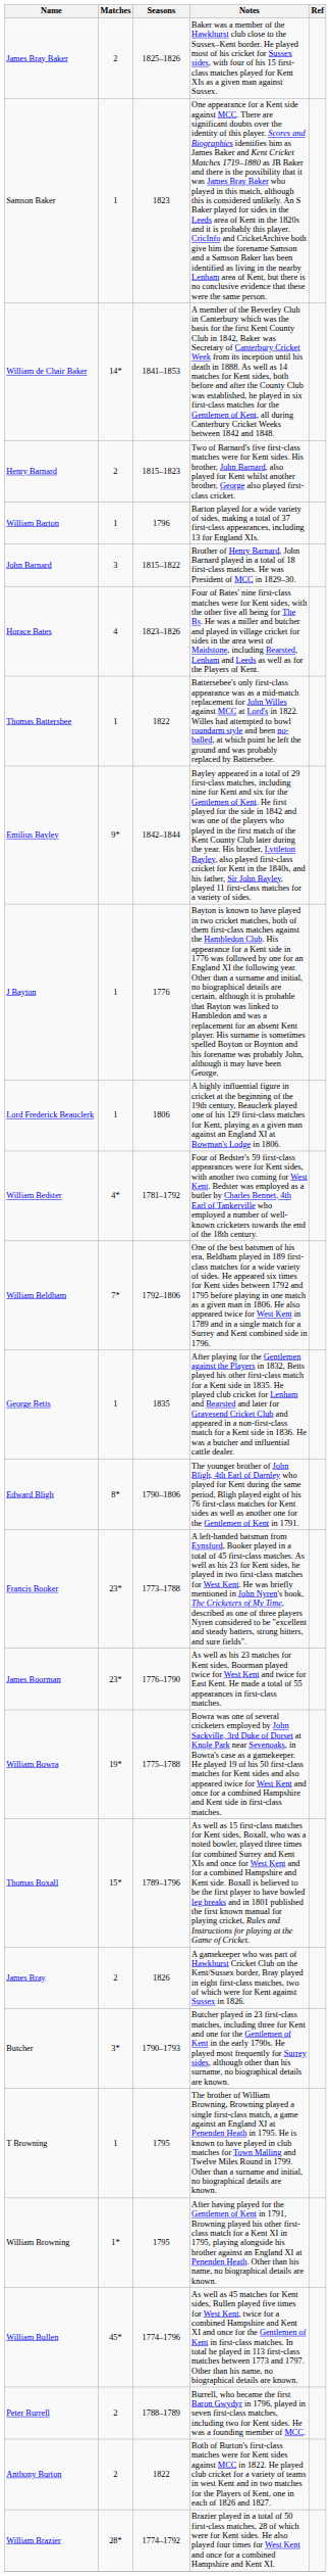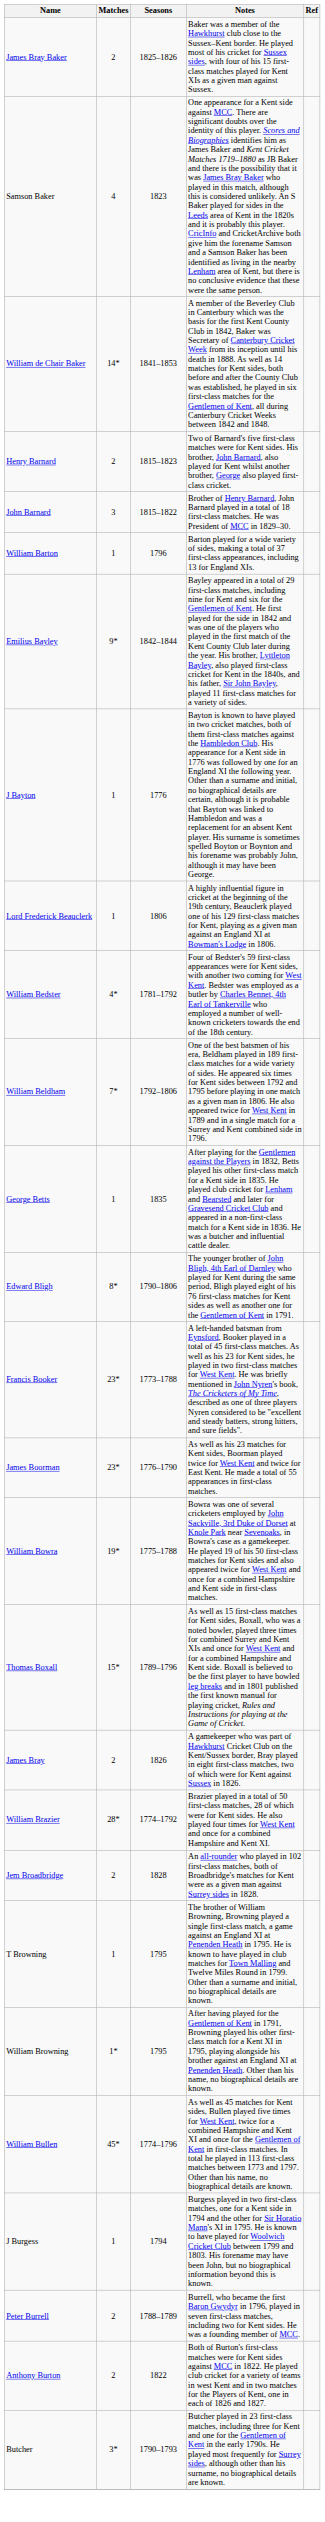 <table class="wikitable">
 <tr>
 <th style="width:170px">Name</th>
 <th>Matches</th>
 <th style="width: 100px">Seasons</th>
 <th>Notes</th>
 <th>Ref</th>
 </tr>
 <tr>
 <td><a href='#'>James Bray Baker</a></td>
 <td align=center>2</td>
 <td align=center>1825–1826</td>
 <td>Baker was a member of the <a href='#'>Hawkhurst</a> club close to the Sussex–Kent border. He played most of his cricket for <a href='#'>Sussex sides</a>, with four of his 15 first-class matches played for Kent XIs as a given man against Sussex.</td>
 <td></td>
 </tr>
 <tr>
 <td>Samson Baker</td>
-<td align=center>1</td>
+<td align=center>4</td>
 <td align=center>1823</td>
 <td>One appearance for a Kent side against <a href='#'>MCC</a>. There are significant doubts over the identity of this player. <em><a href='#'>Scores and Biographies</a></em> identifies him as James Baker and <em>Kent Cricket Matches 1719–1880</em> as JB Baker and there is the possibility that it was <a href='#'>James Bray Baker</a> who played in this match, although this is considered unlikely. An S Baker played for sides in the <a href='#'>Leeds</a> area of Kent in the 1820s and it is probably this player. <a href='#'>CricInfo</a> and CricketArchive both give him the forename Samson and a Samson Baker has been identified as living in the nearby <a href='#'>Lenham</a> area of Kent, but there is no conclusive evidence that these were the same person.</td>
 <td></td>
 </tr>
 <tr>
 <td><a href='#'>William de Chair Baker</a></td>
 <td align=center>14*</td>
 <td align=center>1841–1853</td>
 <td>A member of the Beverley Club in Canterbury which was the basis for the first Kent County Club in 1842, Baker was Secretary of <a href='#'>Canterbury Cricket Week</a> from its inception until his death in 1888. As well as 14 matches for Kent sides, both before and after the County Club was established, he played in six first-class matches for the <a href='#'>Gentlemen of Kent</a>, all during Canterbury Cricket Weeks between 1842 and 1848.</td>
 <td></td>
 </tr>
 <tr>
 <td><a href='#'>Henry Barnard</a></td>
 <td align=center>2</td>
 <td align=center>1815–1823</td>
 <td>Two of Barnard's five first-class matches were for Kent sides. His brother, <a href='#'>John Barnard</a>, also played for Kent whilst another brother, <a href='#'>George</a> also played first-class cricket.</td>
 <td></td>
 </tr>
 <tr>
-<td><a href='#'>William Barton</a></td>
-<td align=center>1</td>
-<td align=center>1796</td>
-<td>Barton played for a wide variety of sides, making a total of 37 first-class appearances, including 13 for England XIs.</td>
-<td></td>
-</tr>
-<tr>
 <td><a href='#'>John Barnard</a></td>
 <td align=center>3</td>
 <td align=center>1815–1822</td>
 <td>Brother of <a href='#'>Henry Barnard</a>, John Barnard played in a total of 18 first-class matches. He was President of <a href='#'>MCC</a> in 1829–30.</td>
 <td></td>
 </tr>
 <tr>
-<td><a href='#'>Horace Bates</a></td>
-<td align=center>4</td>
-<td align=center>1823–1826</td>
-<td>Four of Bates' nine first-class matches were for Kent sides, with the other five all being for <a href='#'>The Bs</a>. He was a miller and butcher and played in village cricket for sides in the area west of <a href='#'>Maidstone</a>, including <a href='#'>Bearsted</a>, <a href='#'>Lenham</a> and <a href='#'>Leeds</a> as well as for the Players of Kent.</td>
-<td></td>
-</tr>
-<tr>
-<td><a href='#'>Thomas Battersbee</a></td>
+<td><a href='#'>William Barton</a></td>
 <td align=center>1</td>
-<td align=center>1822</td>
-<td>Battersebee's only first-class appearance was as a mid-match replacement for <a href='#'>John Willes</a> against <a href='#'>MCC</a> at <a href='#'>Lord's</a> in 1822. Willes had attempted to bowl <a href='#'>roundarm style</a> and been <a href='#'>no-balled</a>, at which point he left the ground and was probably replaced by Battersebee.</td>
+<td align=center>1796</td>
+<td>Barton played for a wide variety of sides, making a total of 37 first-class appearances, including 13 for England XIs.</td>
 <td></td>
 </tr>
 <tr>
 <td><a href='#'>Emilius Bayley</a></td>
 <td align=center>9*</td>
 <td align=center>1842–1844</td>
 <td>Bayley appeared in a total of 29 first-class matches, including nine for Kent and six for the <a href='#'>Gentlemen of Kent</a>. He first played for the side in 1842 and was one of the players who played in the first match of the Kent County Club later during the year. His brother, <a href='#'>Lyttleton Bayley</a>, also played first-class cricket for Kent in the 1840s, and his father, <a href='#'>Sir John Bayley</a>, played 11 first-class matches for a variety of sides.</td>
 <td></td>
 </tr>
 <tr>
 <td><a href='#'>J Bayton</a></td>
 <td align=center>1</td>
 <td align=center>1776</td>
 <td>Bayton is known to have played in two cricket matches, both of them first-class matches against the <a href='#'>Hambledon Club</a>. His appearance for a Kent side in 1776 was followed by one for an England XI the following year. Other than a surname and initial, no biographical details are certain, although it is probable that Bayton was linked to Hambledon and was a replacement for an absent Kent player. His surname is sometimes spelled Boyton or Boynton and his forename was probably John, although it may have been George.</td>
 <td></td>
 </tr>
 <tr>
 <td><a href='#'>Lord Frederick Beauclerk</a></td>
 <td align=center>1</td>
 <td align=center>1806</td>
 <td>A highly influential figure in cricket at the beginning of the 19th century, Beauclerk played one of his 129 first-class matches for Kent, playing as a given man against an England XI at <a href='#'>Bowman's Lodge</a> in 1806.</td>
 <td></td>
 </tr>
 <tr>
 <td><a href='#'>William Bedster</a></td>
 <td align=center>4*</td>
 <td align=center>1781–1792</td>
 <td>Four of Bedster's 59 first-class appearances were for Kent sides, with another two coming for <a href='#'>West Kent</a>. Bedster was employed as a butler by <a href='#'>Charles Bennet, 4th Earl of Tankerville</a> who employed a number of well-known cricketers towards the end of the 18th century.</td>
 <td></td>
 </tr>
 <tr>
 <td><a href='#'>William Beldham</a></td>
 <td align=center>7*</td>
 <td align=center>1792–1806</td>
 <td>One of the best batsmen of his era, Beldham played in 189 first-class matches for a wide variety of sides. He appeared six times for Kent sides between 1792 and 1795 before playing in one match as a given man in 1806. He also appeared twice for <a href='#'>West Kent</a> in 1789 and in a single match for a Surrey and Kent combined side in 1796.</td>
 <td></td>
 </tr>
 <tr>
 <td><a href='#'>George Betts</a></td>
 <td align=center>1</td>
 <td align=center>1835</td>
 <td>After playing for the <a href='#'>Gentlemen against the Players</a> in 1832, Betts played his other first-class match for a Kent side in 1835. He played club cricket for <a href='#'>Lenham</a> and <a href='#'>Bearsted</a> and later for <a href='#'>Gravesend Cricket Club</a> and appeared in a non-first-class match for a Kent side in 1836. He was a butcher and influential cattle dealer.</td>
 <td></td>
 </tr>
 <tr>
 <td><a href='#'>Edward Bligh</a></td>
 <td align=center>8*</td>
 <td align=center>1790–1806</td>
 <td>The younger brother of <a href='#'>John Bligh, 4th Earl of Darnley</a> who played for Kent during the same period, Bligh played eight of his 76 first-class matches for Kent sides as well as another one for the <a href='#'>Gentlemen of Kent</a> in 1791.</td>
 <td></td>
 </tr>
 <tr>
 <td><a href='#'>Francis Booker</a></td>
 <td align=center>23*</td>
 <td align=center>1773–1788</td>
 <td>A left-handed batsman from <a href='#'>Eynsford</a>, Booker played in a total of 45 first-class matches. As well as his 23 for Kent sides, he played in two first-class matches for <a href='#'>West Kent</a>. He was briefly mentioned in <a href='#'>John Nyren</a>'s book, <em><a href='#'>The Cricketers of My Time</a></em>, described as one of three players Nyren considered to be "excellent and steady batters, strong hitters, and sure fields".</td>
 <td></td>
 </tr>
 <tr>
 <td><a href='#'>James Boorman</a></td>
 <td align=center>23*</td>
 <td align=center>1776–1790</td>
 <td>As well as his 23 matches for Kent sides, Boorman played twice for <a href='#'>West Kent</a> and twice for East Kent. He made a total of 55 appearances in first-class matches.</td>
 <td></td>
 </tr>
 <tr>
 <td><a href='#'>William Bowra</a></td>
 <td align=center>19*</td>
 <td align=center>1775–1788</td>
 <td>Bowra was one of several cricketers employed by <a href='#'>John Sackville, 3rd Duke of Dorset</a> at <a href='#'>Knole Park</a> near <a href='#'>Sevenoaks</a>, in Bowra's case as a gamekeeper. He played 19 of his 50 first-class matches for Kent sides and also appeared twice for <a href='#'>West Kent</a> and once for a combined Hampshire and Kent side in first-class matches.</td>
 <td></td>
 </tr>
 <tr>
 <td><a href='#'>Thomas Boxall</a></td>
 <td align=center>15*</td>
 <td align=center>1789–1796</td>
 <td>As well as 15 first-class matches for Kent sides, Boxall, who was a noted bowler, played three times for combined Surrey and Kent XIs and once for <a href='#'>West Kent</a> and for a combined Hampshire and Kent side. Boxall is believed to be the first player to have bowled <a href='#'>leg breaks</a> and in 1801 published the first known manual for playing cricket, <em>Rules and Instructions for playing at the Game of Cricket</em>.</td>
 <td></td>
 </tr>
 <tr>
 <td><a href='#'>James Bray</a></td>
 <td align=center>2</td>
 <td align=center>1826</td>
 <td>A gamekeeper who was part of <a href='#'>Hawkhurst</a> Cricket Club on the Kent/Sussex border, Bray played in eight first-class matches, two of which were for Kent against <a href='#'>Sussex</a> in 1826.</td>
 <td></td>
 </tr>
 <tr>
-<td>Butcher</td>
-<td align=center>3*</td>
-<td align=center>1790–1793</td>
-<td>Butcher played in 23 first-class matches, including three for Kent and one for the <a href='#'>Gentlemen of Kent</a> in the early 1790s. He played most frequently for <a href='#'>Surrey sides</a>, although other than his surname, no biographical details are known.</td>
+<td><a href='#'>William Brazier</a></td>
+<td align=center>28*</td>
+<td align=center>1774–1792</td>
+<td>Brazier played in a total of 50 first-class matches, 28 of which were for Kent sides. He also played four times for <a href='#'>West Kent</a> and once for a combined Hampshire and Kent XI.</td>
+<td></td>
+</tr>
+<tr>
+<td><a href='#'>Jem Broadbridge</a></td>
+<td align=center>2</td>
+<td align=center>1828</td>
+<td>An <a href='#'>all-rounder</a> who played in 102 first-class matches, both of Broadbridge's matches for Kent were as a given man against <a href='#'>Surrey sides</a> in 1828.</td>
 <td></td>
 </tr>
 <tr>
 <td>T Browning</td>
 <td align=center>1</td>
 <td align=center>1795</td>
 <td>The brother of William Browning, Browning played a single first-class match, a game against an England XI at <a href='#'>Penenden Heath</a> in 1795. He is known to have played in club matches for <a href='#'>Town Malling</a> and Twelve Miles Round in 1799. Other than a surname and initial, no biographical details are known.</td>
 <td></td>
 </tr>
 <tr>
 <td>William Browning</td>
 <td align=center>1*</td>
 <td align=center>1795</td>
 <td>After having played for the <a href='#'>Gentlemen of Kent</a> in 1791, Browning played his other first-class match for a Kent XI in 1795, playing alongside his brother against an England XI at <a href='#'>Penenden Heath</a>. Other than his name, no biographical details are known.</td>
 <td></td>
 </tr>
 <tr>
 <td><a href='#'>William Bullen</a></td>
 <td align=center>45*</td>
 <td align=center>1774–1796</td>
 <td>As well as 45 matches for Kent sides, Bullen played five times for <a href='#'>West Kent</a>, twice for a combined Hampshire and Kent XI and once for the <a href='#'>Gentlemen of Kent</a> in first-class matches. In total he played in 113 first-class matches between 1773 and 1797. Other than his name, no biographical details are known.</td>
 <td></td>
 </tr>
 <tr>
+<td>J Burgess</td>
+<td align=center>1</td>
+<td align=center>1794</td>
+<td>Burgess played in two first-class matches, one for a Kent side in 1794 and the other for <a href='#'>Sir Horatio Mann</a>'s XI in 1795. He is known to have played for <a href='#'>Woolwich Cricket Club</a> between 1799 and 1803. His forename may have been John, but no biographical information beyond this is known.</td>
+<td></td>
+</tr>
+<tr>
 <td><a href='#'>Peter Burrell</a></td>
 <td align=center>2</td>
 <td align=center>1788–1789</td>
 <td>Burrell, who became the first <a href='#'>Baron Gwydyr</a> in 1796, played in seven first-class matches, including two for Kent sides. He was a founding member of <a href='#'>MCC</a>.</td>
 <td></td>
 </tr>
 <tr>
 <td><a href='#'>Anthony Burton</a></td>
 <td align=center>2</td>
 <td align=center>1822</td>
 <td>Both of Burton's first-class matches were for Kent sides against <a href='#'>MCC</a> in 1822. He played club cricket for a variety of teams in west Kent and in two matches for the Players of Kent, one in each of 1826 and 1827.</td>
 <td></td>
 </tr>
 <tr>
-<td><a href='#'>William Brazier</a></td>
-<td align=center>28*</td>
-<td align=center>1774–1792</td>
-<td>Brazier played in a total of 50 first-class matches, 28 of which were for Kent sides. He also played four times for <a href='#'>West Kent</a> and once for a combined Hampshire and Kent XI.</td>
+<td>Butcher</td>
+<td align=center>3*</td>
+<td align=center>1790–1793</td>
+<td>Butcher played in 23 first-class matches, including three for Kent and one for the <a href='#'>Gentlemen of Kent</a> in the early 1790s. He played most frequently for <a href='#'>Surrey sides</a>, although other than his surname, no biographical details are known.</td>
 <td></td>
 </tr>
 <tr>
 </tr>
 </table>
